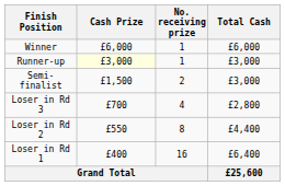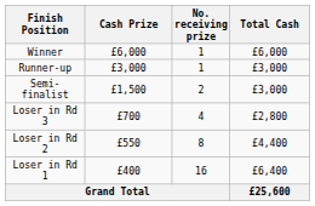 <table class="wikitable" style="text-align:center;">
 <tr>
 <th width=100 abbr="Finish Position">Finish Position</th>
 <th width=110 abbr="Cash Prize">Cash Prize</th>
 <th width=50 abbr="No. receiving prize">No. receiving prize</th>
 <th width=100 abbr="Total Cash">Total Cash</th>
 </tr>
 <tr>
 <td>Winner</td>
 <td>£6,000</td>
 <td>1</td>
 <td>£6,000</td>
 </tr>
 <tr>
 <td>Runner-up</td>
-<td style="background: lightyellow;">£3,000</td>
+<td>£3,000</td>
 <td>1</td>
 <td>£3,000</td>
 </tr>
 <tr>
 <td>Semi-finalist</td>
 <td>£1,500</td>
 <td>2</td>
 <td>£3,000</td>
 </tr>
 <tr>
 <td>Loser in Rd 3</td>
 <td>£700</td>
 <td>4</td>
 <td>£2,800</td>
 </tr>
 <tr>
 <td>Loser in Rd 2</td>
 <td>£550</td>
 <td>8</td>
 <td>£4,400</td>
 </tr>
 <tr>
 <td>Loser in Rd 1</td>
 <td>£400</td>
 <td>16</td>
 <td>£6,400</td>
 </tr>
 <tr>
 <th colspan="3">Grand Total</th>
 <th>£25,600</th>
 </tr>
 </table>
